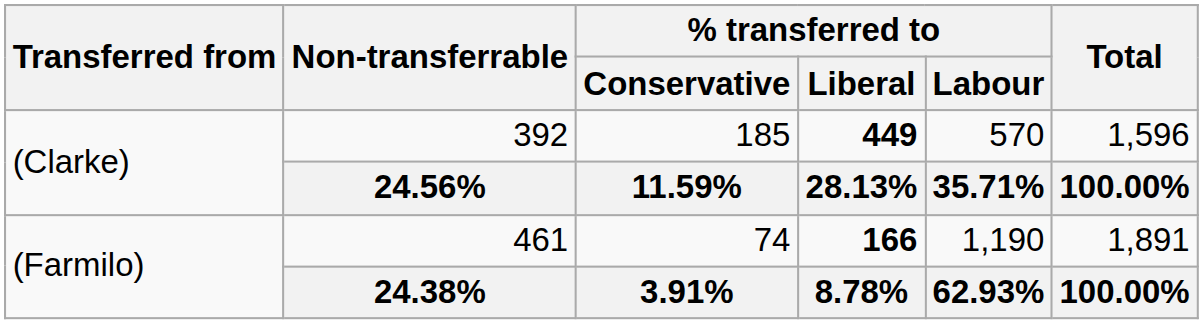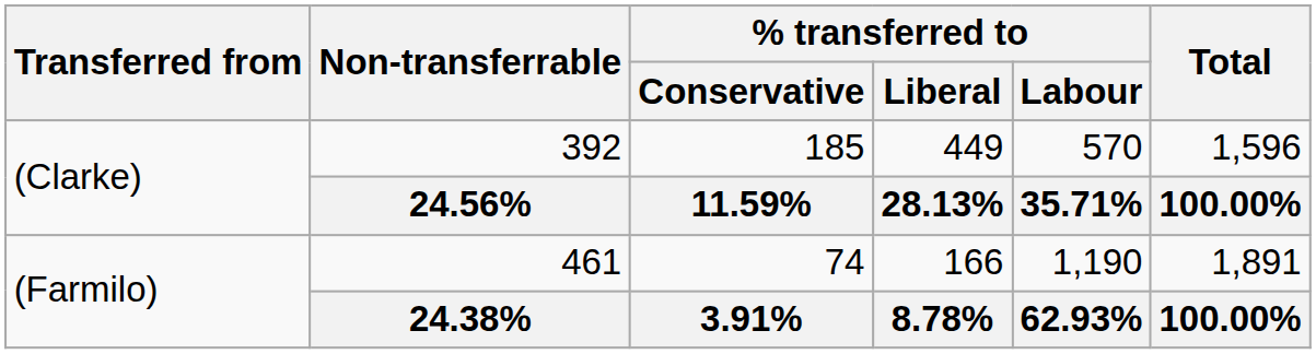 <table class="wikitable" style="text-align:right;">
 <tr>
 <th rowspan="2">Transferred from</th>
 <th rowspan="2">Non-transferrable</th>
 <th colspan="3">% transferred to</th>
 <th rowspan="2">Total</th>
 </tr>
 <tr>
 <th>Conservative</th>
 <th>Liberal</th>
 <th>Labour</th>
 </tr>
 <tr>
 <td style="text-align:left;" rowspan="2"> (Clarke)</td>
 <td>392</td>
 <td>185</td>
-<td><strong>449</strong></td>
+<td>449</td>
 <td>570</td>
 <td>1,596</td>
 </tr>
 <tr>
 <th>24.56%</th>
 <th>11.59%</th>
 <th>28.13%</th>
 <th>35.71%</th>
 <th>100.00%</th>
 </tr>
 <tr>
 <td style="text-align:left;" rowspan="2"> (Farmilo)</td>
 <td>461</td>
 <td>74</td>
-<td><strong>166</strong></td>
+<td>166</td>
 <td>1,190</td>
 <td>1,891</td>
 </tr>
 <tr>
 <th>24.38%</th>
 <th>3.91%</th>
 <th>8.78%</th>
 <th>62.93%</th>
 <th>100.00%</th>
 </tr>
 </table>
